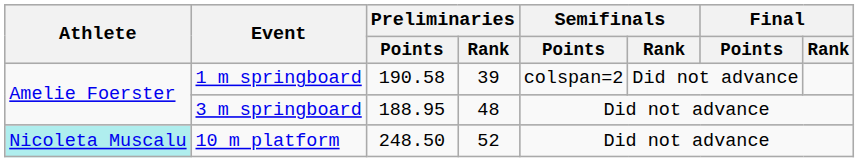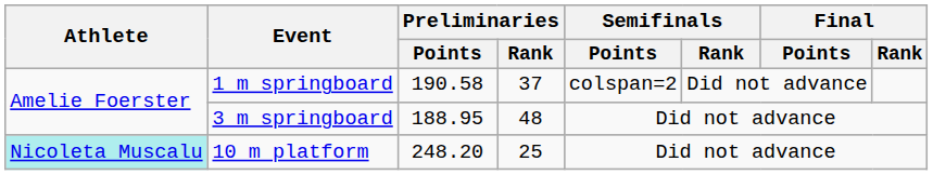 <table class="wikitable" style="text-align:center; font-size:90%;">
 <tr>
 <th rowspan=2>Athlete</th>
 <th rowspan=2>Event</th>
 <th colspan=2>Preliminaries</th>
 <th colspan=2>Semifinals</th>
 <th colspan=2>Final</th>
 </tr>
 <tr style="font-size:95%">
 <th>Points</th>
 <th>Rank</th>
 <th>Points</th>
 <th>Rank</th>
 <th>Points</th>
 <th>Rank</th>
 </tr>
 <tr>
 <td align=left rowspan=2><a href='#'>Amelie Foerster</a></td>
 <td align=left><a href='#'>1 m springboard</a></td>
 <td>190.58</td>
-<td>39</td>
+<td>37</td>
 <td>colspan=2 </td>
 <td colspan=2>Did not advance</td>
 </tr>
 <tr>
 <td align=left><a href='#'>3 m springboard</a></td>
 <td>188.95</td>
 <td>48</td>
 <td colspan=4>Did not advance</td>
 </tr>
 <tr>
 <td align=left style="background: paleturquoise;"><a href='#'>Nicoleta Muscalu</a></td>
 <td align=left><a href='#'>10 m platform</a></td>
-<td>248.50</td>
-<td>52</td>
+<td>248.20</td>
+<td>25</td>
 <td colspan=4>Did not advance</td>
 </tr>
 </table>
